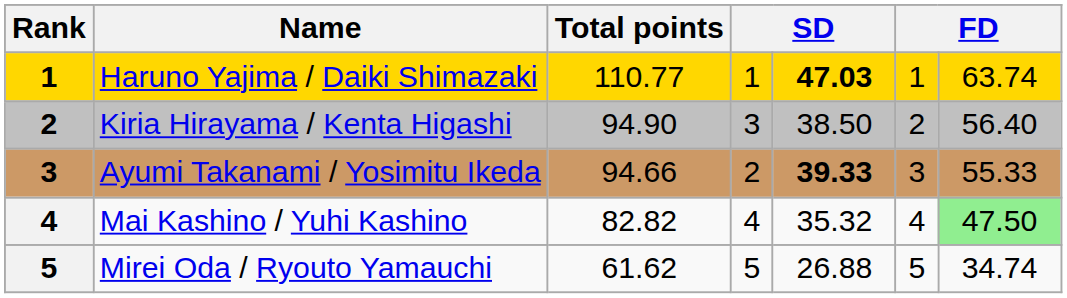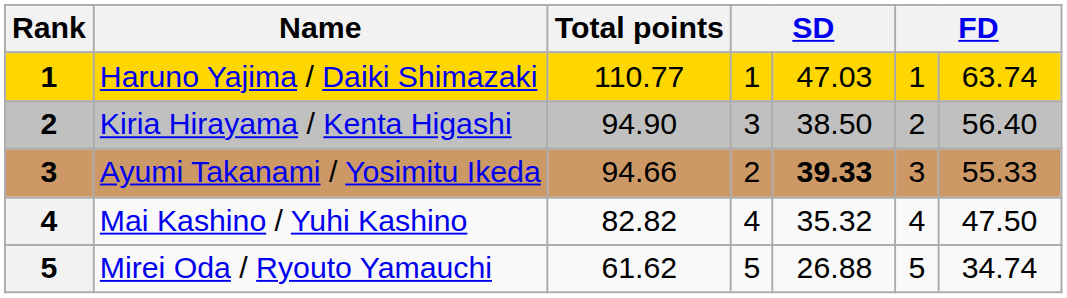 <table class="wikitable sortable">
 <tr>
 <th>Rank</th>
 <th>Name</th>
 <th>Total points</th>
 <th colspan="2" width="80px"><a href='#'>SD</a></th>
 <th colspan="2" width="80px"><a href='#'>FD</a></th>
 </tr>
 <tr bgcolor="gold">
 <td align="center"><strong>1</strong></td>
 <td><a href='#'>Haruno Yajima</a> / <a href='#'>Daiki Shimazaki</a></td>
 <td align="center">110.77</td>
 <td align="center">1</td>
-<td align="center"><strong>47.03</strong></td>
+<td align="center">47.03</td>
 <td align="center">1</td>
 <td align="center">63.74</td>
 </tr>
 <tr bgcolor="silver">
 <td align="center"><strong>2</strong></td>
 <td><a href='#'>Kiria Hirayama</a> / <a href='#'>Kenta Higashi</a></td>
 <td align="center">94.90</td>
 <td align="center">3</td>
 <td align="center">38.50</td>
 <td align="center">2</td>
 <td align="center">56.40</td>
 </tr>
 <tr bgcolor="cc9966">
 <td align="center"><strong>3</strong></td>
 <td><a href='#'>Ayumi Takanami</a> / <a href='#'>Yosimitu Ikeda</a></td>
 <td align="center">94.66</td>
 <td align="center">2</td>
 <td align="center"><strong>39.33</strong></td>
 <td align="center">3</td>
 <td align="center">55.33</td>
 </tr>
 <tr>
 <th>4</th>
 <td><a href='#'>Mai Kashino</a> / <a href='#'>Yuhi Kashino</a></td>
 <td align="center">82.82</td>
 <td align="center">4</td>
 <td align="center">35.32</td>
 <td align="center">4</td>
-<td align="center" style="background: lightgreen;">47.50</td>
+<td align="center">47.50</td>
 </tr>
 <tr>
 <th>5</th>
 <td><a href='#'>Mirei Oda</a> / <a href='#'>Ryouto Yamauchi</a></td>
 <td align="center">61.62</td>
 <td align="center">5</td>
 <td align="center">26.88</td>
 <td align="center">5</td>
 <td align="center">34.74</td>
 </tr>
 </table>
